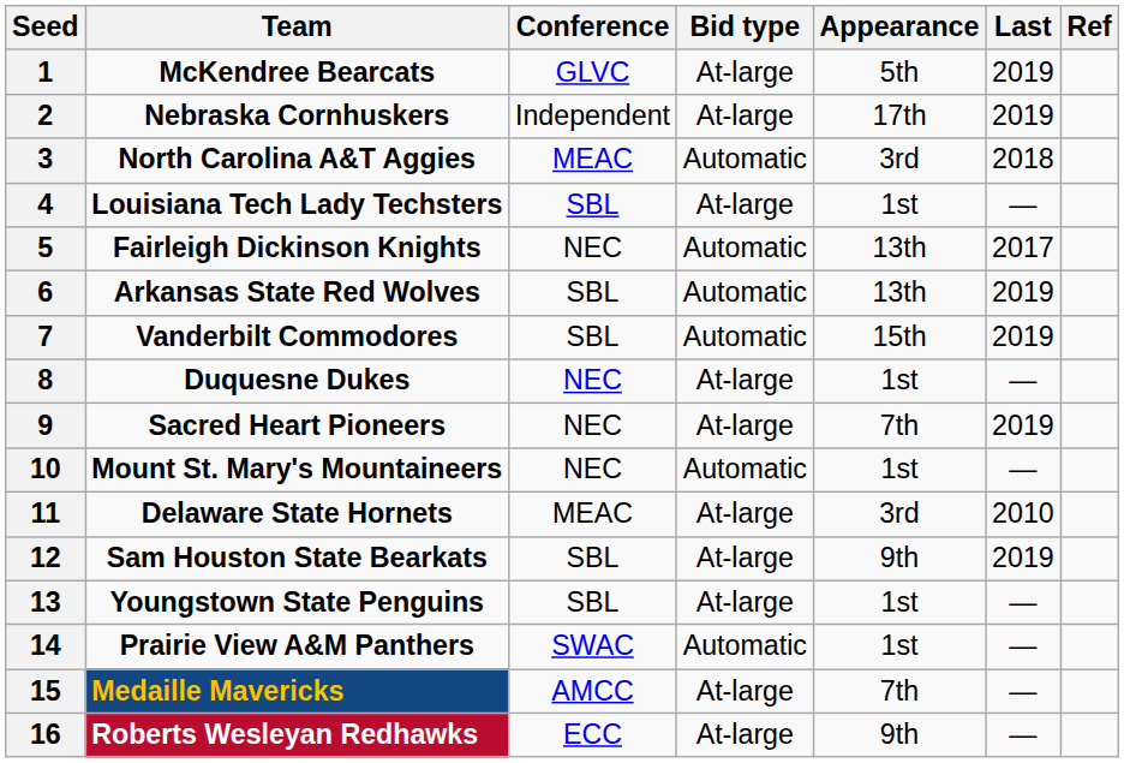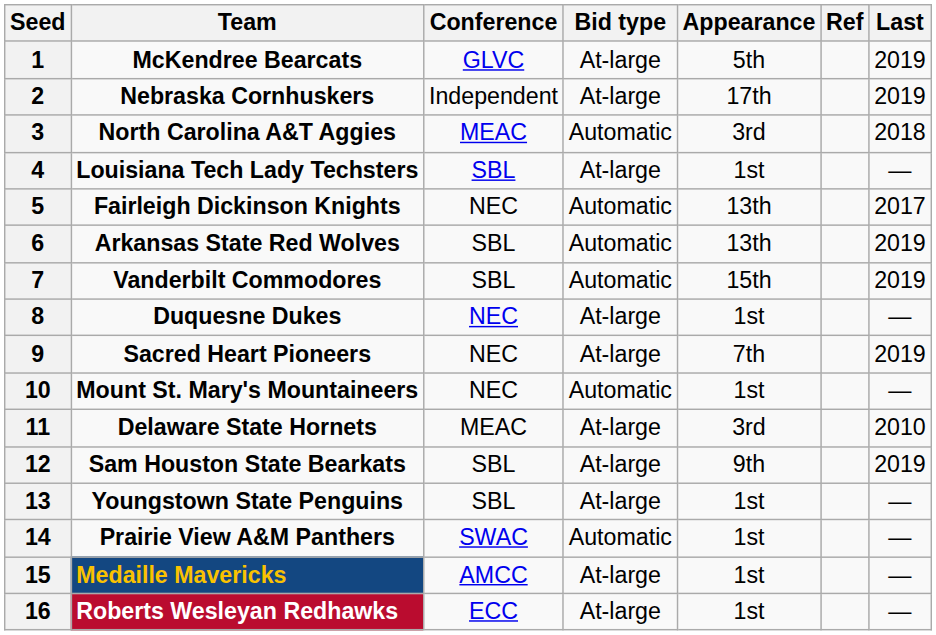 <table class="wikitable" style="text-align:center">
 <tr>
 <th>Seed</th>
 <th>Team</th>
 <th>Conference</th>
 <th>Bid type</th>
 <th>Appearance</th>
+<th>Ref</th>
 <th>Last</th>
-<th>Ref</th>
 </tr>
 <tr>
 <th>1</th>
 <td><strong>McKendree Bearcats</strong></td>
 <td><a href='#'>GLVC</a></td>
 <td>At-large</td>
 <td>5th</td>
+<td></td>
 <td>2019</td>
-<td></td>
 </tr>
 <tr>
 <th>2</th>
 <td><strong>Nebraska Cornhuskers</strong></td>
 <td>Independent</td>
 <td>At-large</td>
 <td>17th</td>
+<td></td>
 <td>2019</td>
-<td></td>
 </tr>
 <tr>
 <th>3</th>
 <td><strong>North Carolina A&T Aggies</strong></td>
 <td><a href='#'>MEAC</a></td>
 <td>Automatic</td>
 <td>3rd</td>
+<td></td>
 <td>2018</td>
-<td></td>
 </tr>
 <tr>
 <th>4</th>
 <td><strong>Louisiana Tech Lady Techsters</strong></td>
 <td><a href='#'>SBL</a></td>
 <td>At-large</td>
 <td>1st</td>
+<td></td>
 <td>—</td>
-<td></td>
 </tr>
 <tr>
 <th>5</th>
 <td><strong>Fairleigh Dickinson Knights</strong></td>
 <td>NEC</td>
 <td>Automatic</td>
 <td>13th</td>
+<td></td>
 <td>2017</td>
-<td></td>
 </tr>
 <tr>
 <th>6</th>
 <td><strong>Arkansas State Red Wolves</strong></td>
 <td>SBL</td>
 <td>Automatic</td>
 <td>13th</td>
+<td></td>
 <td>2019</td>
-<td></td>
 </tr>
 <tr>
 <th>7</th>
 <td><strong>Vanderbilt Commodores</strong></td>
 <td>SBL</td>
 <td>Automatic</td>
 <td>15th</td>
+<td></td>
 <td>2019</td>
-<td></td>
 </tr>
 <tr>
 <th>8</th>
 <td><strong>Duquesne Dukes</strong></td>
 <td><a href='#'>NEC</a></td>
 <td>At-large</td>
 <td>1st</td>
+<td></td>
 <td>—</td>
-<td></td>
 </tr>
 <tr>
 <th>9</th>
 <td><strong>Sacred Heart Pioneers</strong></td>
 <td>NEC</td>
 <td>At-large</td>
 <td>7th</td>
+<td></td>
 <td>2019</td>
-<td></td>
 </tr>
 <tr>
 <th>10</th>
 <td><strong>Mount St. Mary's Mountaineers</strong></td>
 <td>NEC</td>
 <td>Automatic</td>
 <td>1st</td>
+<td></td>
 <td>—</td>
-<td></td>
 </tr>
 <tr>
 <th>11</th>
 <td><strong>Delaware State Hornets</strong></td>
 <td>MEAC</td>
 <td>At-large</td>
 <td>3rd</td>
+<td></td>
 <td>2010</td>
-<td></td>
 </tr>
 <tr>
 <th>12</th>
 <td><strong>Sam Houston State Bearkats</strong></td>
 <td>SBL</td>
 <td>At-large</td>
 <td>9th</td>
+<td></td>
 <td>2019</td>
-<td></td>
 </tr>
 <tr>
 <th>13</th>
 <td><strong>Youngstown State Penguins</strong></td>
 <td>SBL</td>
 <td>At-large</td>
 <td>1st</td>
+<td></td>
 <td>—</td>
-<td></td>
 </tr>
 <tr>
 <th>14</th>
 <td><strong>Prairie View A&M Panthers</strong></td>
 <td><a href='#'>SWAC</a></td>
 <td>Automatic</td>
 <td>1st</td>
+<td></td>
 <td>—</td>
-<td></td>
 </tr>
 <tr>
 <th>15</th>
 <td style="background:#134781; color:#fac200 ;text-align:left"><strong>Medaille Mavericks</strong></td>
 <td><a href='#'>AMCC</a></td>
 <td>At-large</td>
-<td>7th</td>
+<td>1st</td>
+<td></td>
 <td>—</td>
-<td></td>
 </tr>
 <tr>
 <th>16</th>
 <td style="background:#ba0c2f; color:#ffffff ;text-align:left"><strong>Roberts Wesleyan Redhawks</strong></td>
 <td><a href='#'>ECC</a></td>
 <td>At-large</td>
-<td>9th</td>
+<td>1st</td>
+<td></td>
 <td>—</td>
-<td></td>
 </tr>
 </table>
